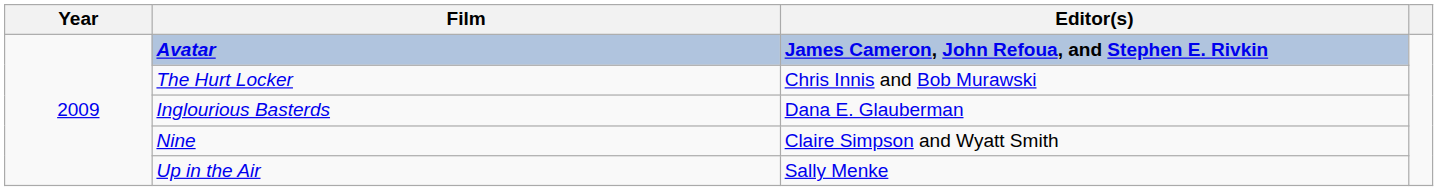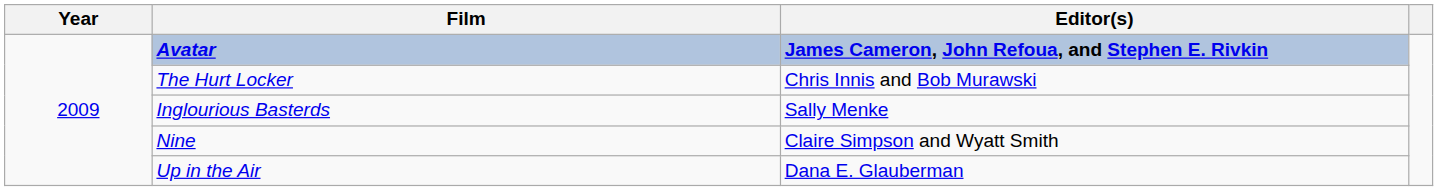 <table class="wikitable" width="95%" cellpadding="5">
 <tr>
 <th width="100"><strong>Year</strong></th>
 <th width="450"><strong>Film</strong></th>
 <th width="450"><strong>Editor(s)</strong></th>
 <th width="10"></th>
 </tr>
 <tr>
 <td rowspan="5" style="text-align:center;"><a href='#'>2009</a></td>
 <td style="background:#B0C4DE;"><strong><em><a href='#'>Avatar</a></em></strong></td>
 <td style="background:#B0C4DE;"><strong><a href='#'>James Cameron</a>, <a href='#'>John Refoua</a>, and <a href='#'>Stephen E. Rivkin</a></strong></td>
 <td style="text-align:center;" rowspan="5"></td>
 </tr>
 <tr>
 <td><em><a href='#'>The Hurt Locker</a></em></td>
 <td><a href='#'>Chris Innis</a> and <a href='#'>Bob Murawski</a></td>
 </tr>
 <tr>
 <td><em><a href='#'>Inglourious Basterds</a></em></td>
-<td><a href='#'>Dana E. Glauberman</a></td>
+<td><a href='#'>Sally Menke</a></td>
 </tr>
 <tr>
 <td><em><a href='#'>Nine</a></em></td>
 <td><a href='#'>Claire Simpson</a> and Wyatt Smith</td>
 </tr>
 <tr>
 <td><em><a href='#'>Up in the Air</a></em></td>
-<td><a href='#'>Sally Menke</a></td>
+<td><a href='#'>Dana E. Glauberman</a></td>
 </tr>
 </table>
